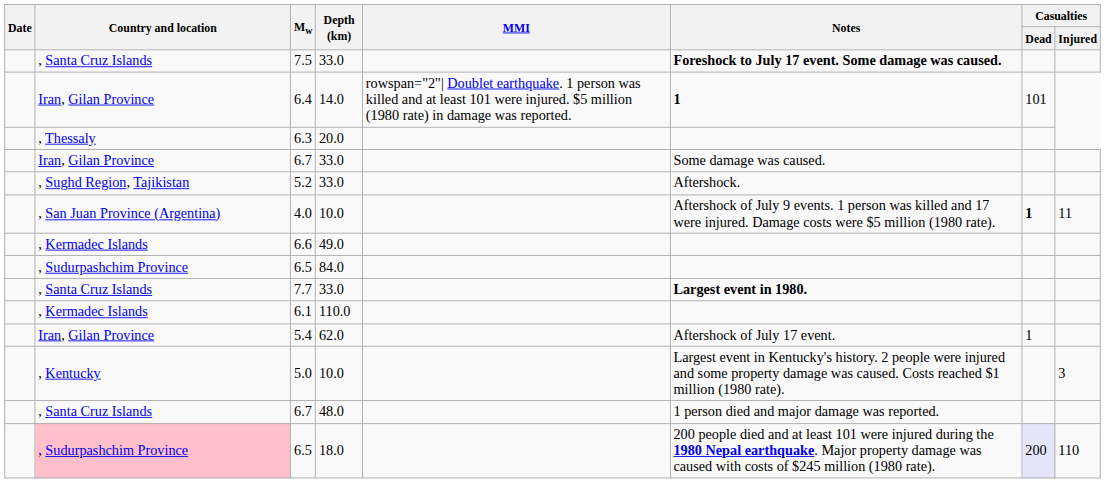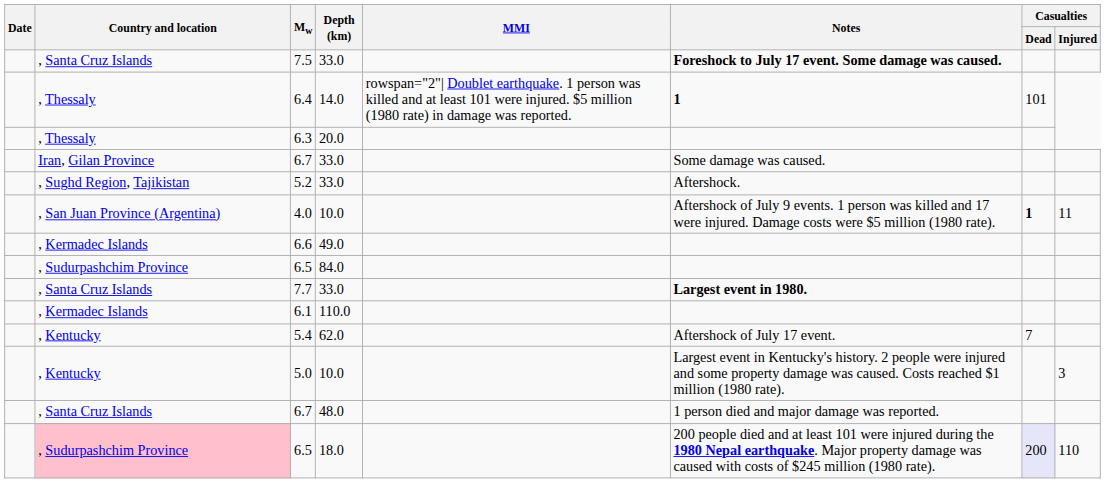 <table class="wikitable sortable sort-under" style="border:1px black; margin-left:1em;">
 <tr>
 <th rowspan="2"><small>Date</small></th>
 <th rowspan="2" style="width: 280px"><small>Country and location</small></th>
 <th rowspan="2"><small>M<sub>w</sub></small></th>
 <th rowspan="2"><small>Depth (km)</small></th>
 <th rowspan="2"><small><a href='#'>MMI</a></small></th>
 <th rowspan="2" class="unsortable"><small>Notes</small></th>
 <th colspan="2"><small>Casualties</small></th>
 </tr>
 <tr>
 <th><small>Dead</small></th>
 <th><small>Injured</small></th>
 </tr>
 <tr>
 <td></td>
 <td>, <a href='#'>Santa Cruz Islands</a></td>
 <td>7.5</td>
 <td>33.0</td>
 <td></td>
 <td><strong>Foreshock to July 17 event. Some damage was caused.</strong></td>
 <td></td>
 <td></td>
 </tr>
 <tr>
 <td></td>
-<td> <a href='#'>Iran</a>, <a href='#'>Gilan Province</a></td>
+<td>, <a href='#'>Thessaly</a></td>
 <td>6.4</td>
 <td>14.0</td>
 <td>rowspan="2"| <a href='#'>Doublet earthquake</a>. 1 person was killed and at least 101 were injured. $5 million (1980 rate) in damage was reported.</td>
 <td><strong>1</strong></td>
 <td>101</td>
 </tr>
 <tr>
 <td></td>
 <td>, <a href='#'>Thessaly</a></td>
 <td>6.3</td>
 <td>20.0</td>
 <td></td>
 <td></td>
 <td></td>
 </tr>
 <tr>
 <td></td>
 <td> <a href='#'>Iran</a>, <a href='#'>Gilan Province</a></td>
 <td>6.7</td>
 <td>33.0</td>
 <td></td>
 <td>Some damage was caused.</td>
 <td></td>
 <td></td>
 </tr>
 <tr>
 <td></td>
 <td>, <a href='#'>Sughd Region</a>, <a href='#'>Tajikistan</a></td>
 <td>5.2</td>
 <td>33.0</td>
 <td></td>
 <td>Aftershock.</td>
 <td></td>
 <td></td>
 </tr>
 <tr>
 <td></td>
 <td>, <a href='#'>San Juan Province (Argentina)</a></td>
 <td>4.0</td>
 <td>10.0</td>
 <td></td>
 <td>Aftershock of July 9 events. 1 person was killed and 17 were injured. Damage costs were $5 million (1980 rate).</td>
 <td><strong>1</strong></td>
 <td>11</td>
 </tr>
 <tr>
 <td></td>
 <td>, <a href='#'>Kermadec Islands</a></td>
 <td>6.6</td>
 <td>49.0</td>
 <td></td>
 <td></td>
 <td></td>
 <td></td>
 </tr>
 <tr>
 <td></td>
 <td>, <a href='#'>Sudurpashchim Province</a></td>
 <td>6.5</td>
 <td>84.0</td>
 <td></td>
 <td></td>
 <td></td>
 <td></td>
 </tr>
 <tr>
 <td></td>
 <td>, <a href='#'>Santa Cruz Islands</a></td>
 <td>7.7</td>
 <td>33.0</td>
 <td></td>
 <td><strong>Largest event in 1980.</strong></td>
 <td></td>
 <td></td>
 </tr>
 <tr>
 <td></td>
 <td>, <a href='#'>Kermadec Islands</a></td>
 <td>6.1</td>
 <td>110.0</td>
 <td></td>
 <td></td>
 <td></td>
 <td></td>
 </tr>
 <tr>
 <td></td>
-<td> <a href='#'>Iran</a>, <a href='#'>Gilan Province</a></td>
+<td>, <a href='#'>Kentucky</a></td>
 <td>5.4</td>
 <td>62.0</td>
 <td></td>
 <td>Aftershock of July 17 event.</td>
-<td>1</td>
+<td>7</td>
 <td></td>
 </tr>
 <tr>
 <td></td>
 <td>, <a href='#'>Kentucky</a></td>
 <td>5.0</td>
 <td>10.0</td>
 <td></td>
 <td>Largest event in Kentucky's history. 2 people were injured and some property damage was caused. Costs reached $1 million (1980 rate).</td>
 <td></td>
 <td>3</td>
 </tr>
 <tr>
 <td></td>
 <td>, <a href='#'>Santa Cruz Islands</a></td>
 <td>6.7</td>
 <td>48.0</td>
 <td></td>
 <td>1 person died and major damage was reported.</td>
 <td></td>
 <td></td>
 </tr>
 <tr>
 <td></td>
 <td style="background: pink;">, <a href='#'>Sudurpashchim Province</a></td>
 <td>6.5</td>
 <td>18.0</td>
 <td></td>
 <td>200 people died and at least 101 were injured during the <strong><a href='#'>1980 Nepal earthquake</a></strong>. Major property damage was caused with costs of $245 million (1980 rate).</td>
 <td style="background: lavender;">200</td>
 <td>110</td>
 </tr>
 </table>
